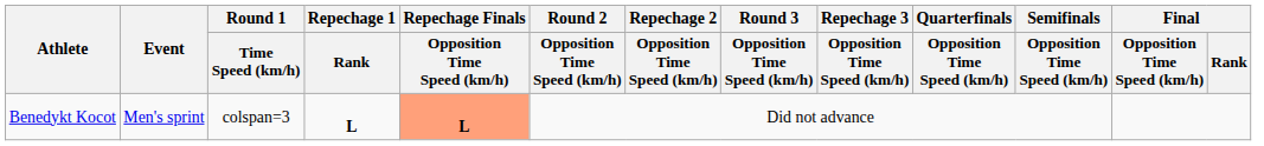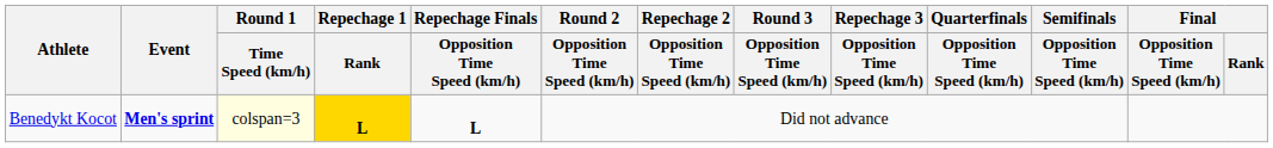 <table class="wikitable" style="font-size:90%">
 <tr>
 <th rowspan="2">Athlete</th>
 <th rowspan="2">Event</th>
 <th>Round 1</th>
 <th>Repechage 1</th>
 <th>Repechage Finals</th>
 <th>Round 2</th>
 <th>Repechage 2</th>
 <th>Round 3</th>
 <th>Repechage 3</th>
 <th>Quarterfinals</th>
 <th>Semifinals</th>
 <th colspan=2>Final</th>
 </tr>
 <tr style="font-size:95%">
 <th>Time<br>Speed (km/h)</th>
 <th>Rank</th>
 <th>Opposition<br>Time<br>Speed (km/h)</th>
 <th>Opposition<br>Time<br>Speed (km/h)</th>
 <th>Opposition<br>Time<br>Speed (km/h)</th>
 <th>Opposition<br>Time<br>Speed (km/h)</th>
 <th>Opposition<br>Time<br>Speed (km/h)</th>
 <th>Opposition<br>Time<br>Speed (km/h)</th>
 <th>Opposition<br>Time<br>Speed (km/h)</th>
 <th>Opposition<br>Time<br>Speed (km/h)</th>
 <th>Rank</th>
 </tr>
 <tr align=center>
 <td align=left><a href='#'>Benedykt Kocot</a></td>
-<td style="text-align:left;" rowspan="1"><a href='#'>Men's sprint</a></td>
-<td>colspan=3 </td>
+<td style="text-align:left;" rowspan="1"><strong><a href='#'>Men's sprint</a></strong></td>
+<td style="background: lightyellow;">colspan=3 </td>
+<td style="background: gold;"><br><strong>L</strong></td>
 <td><br><strong>L</strong></td>
-<td style="background: lightsalmon;"><br><strong>L</strong></td>
 <td colspan=6>Did not advance</td>
 </tr>
 </table>
